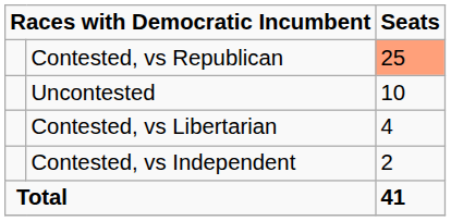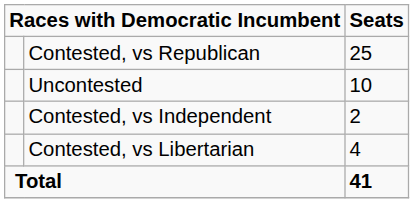 <table class="wikitable">
 <tr>
 <td colspan="2" rowspan="1" align="center"><strong>Races with Democratic Incumbent</strong></td>
 <td valign="top"><strong>Seats</strong><br></td>
 </tr>
 <tr>
 <td style="background-color:"> </td>
 <td>Contested, vs Republican</td>
-<td style="background: lightsalmon;">25</td>
+<td>25</td>
 </tr>
 <tr>
 <td style="background-color:"> </td>
 <td>Uncontested</td>
 <td>10</td>
 </tr>
 <tr>
 <td style="background-color:"> </td>
-<td>Contested, vs Libertarian</td>
-<td>4</td>
+<td>Contested, vs Independent</td>
+<td>2</td>
 </tr>
 <tr>
 <td style="background-color:"> </td>
-<td>Contested, vs Independent</td>
-<td>2</td>
+<td>Contested, vs Libertarian</td>
+<td>4</td>
 </tr>
 <tr>
 <td colspan="2" rowspan="1"> <strong>Total</strong><br></td>
 <td><strong>41</strong></td>
 </tr>
 <tr>
 </tr>
 </table>
